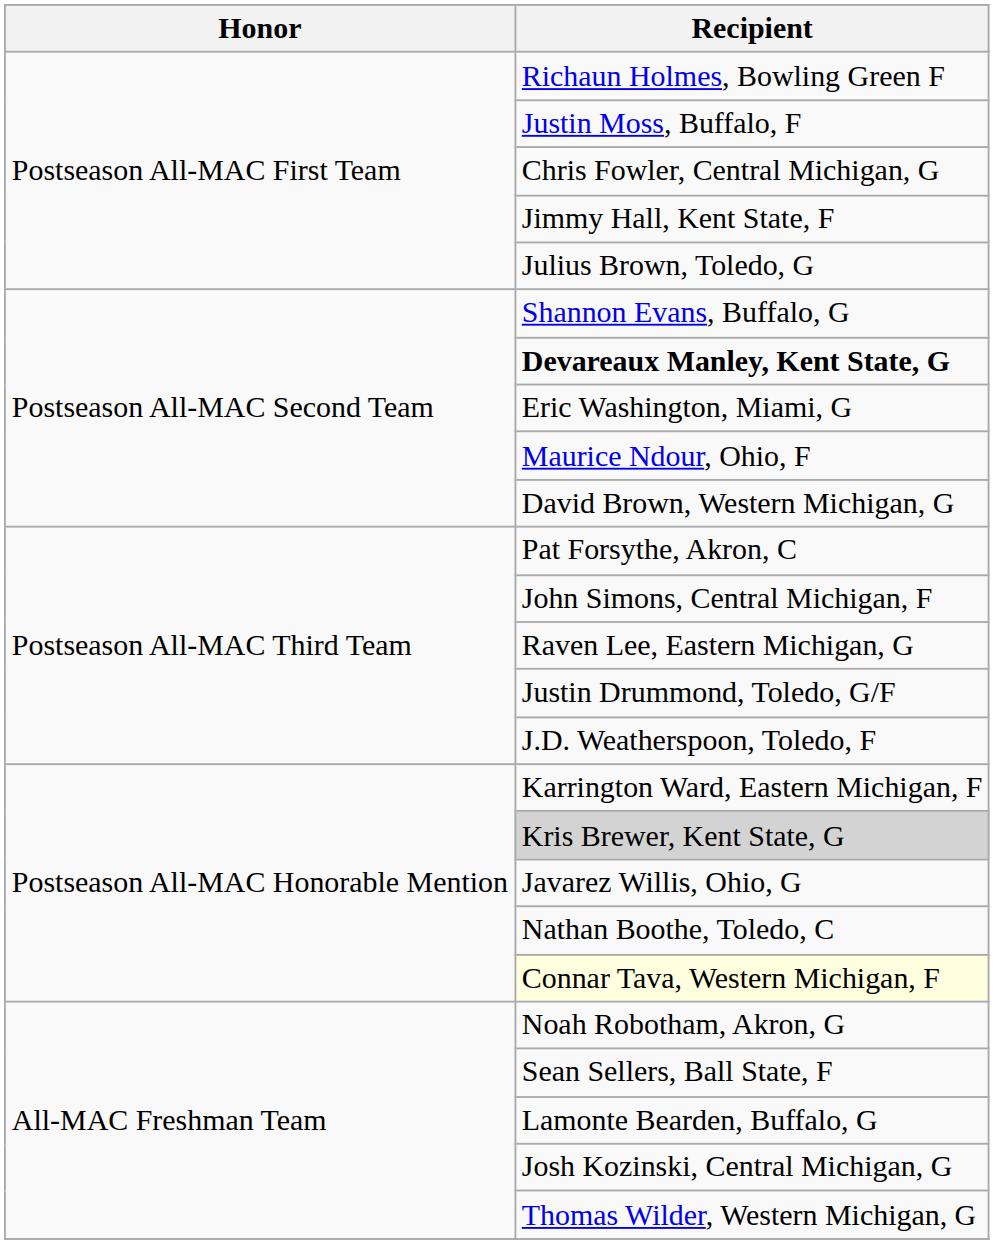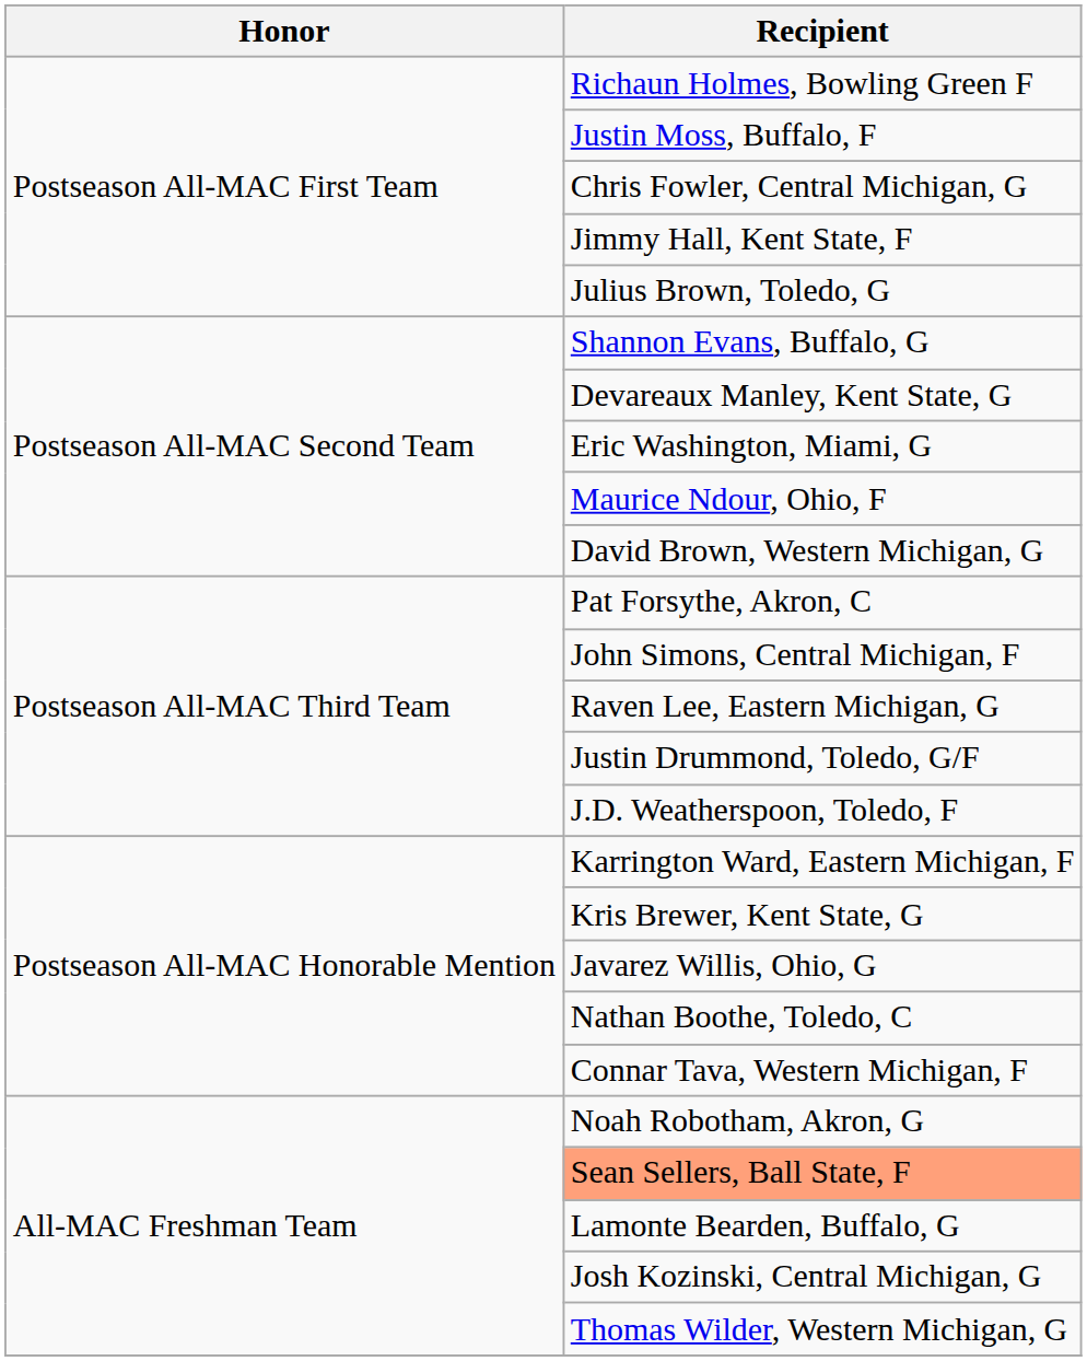 <table class="wikitable" border="1">
 <tr>
 <th>Honor</th>
 <th>Recipient</th>
 </tr>
 <tr>
 <td rowspan=5 valign=middle>Postseason All-MAC First Team</td>
 <td><a href='#'>Richaun Holmes</a>, Bowling Green F</td>
 </tr>
 <tr>
 <td><a href='#'>Justin Moss</a>, Buffalo, F</td>
 </tr>
 <tr>
 <td>Chris Fowler, Central Michigan, G</td>
 </tr>
 <tr>
 <td>Jimmy Hall, Kent State, F</td>
 </tr>
 <tr>
 <td>Julius Brown, Toledo, G</td>
 </tr>
 <tr>
 <td rowspan=5 valign=middle>Postseason All-MAC Second Team</td>
 <td><a href='#'>Shannon Evans</a>, Buffalo, G</td>
 </tr>
 <tr>
-<td><strong>Devareaux Manley, Kent State, G</strong></td>
+<td>Devareaux Manley, Kent State, G</td>
 </tr>
 <tr>
 <td>Eric Washington, Miami, G</td>
 </tr>
 <tr>
 <td><a href='#'>Maurice Ndour</a>, Ohio, F</td>
 </tr>
 <tr>
 <td>David Brown, Western Michigan, G</td>
 </tr>
 <tr>
 <td rowspan=5 valign=middle>Postseason All-MAC Third Team</td>
 <td>Pat Forsythe, Akron, C</td>
 </tr>
 <tr>
 <td>John Simons, Central Michigan, F</td>
 </tr>
 <tr>
 <td>Raven Lee, Eastern Michigan, G</td>
 </tr>
 <tr>
 <td>Justin Drummond, Toledo, G/F</td>
 </tr>
 <tr>
 <td>J.D. Weatherspoon, Toledo, F</td>
 </tr>
 <tr>
 <td rowspan=5 valign=middle>Postseason All-MAC Honorable Mention</td>
 <td>Karrington Ward, Eastern Michigan, F</td>
 </tr>
 <tr>
-<td style="background: lightgrey;">Kris Brewer, Kent State, G</td>
+<td>Kris Brewer, Kent State, G</td>
 </tr>
 <tr>
 <td>Javarez Willis, Ohio, G</td>
 </tr>
 <tr>
 <td>Nathan Boothe, Toledo, C</td>
 </tr>
 <tr>
-<td style="background: lightyellow;">Connar Tava, Western Michigan, F</td>
+<td>Connar Tava, Western Michigan, F</td>
 </tr>
 <tr>
 <td rowspan=5 valign=middle>All-MAC Freshman Team</td>
 <td>Noah Robotham, Akron, G</td>
 </tr>
 <tr>
-<td>Sean Sellers, Ball State, F</td>
+<td style="background: lightsalmon;">Sean Sellers, Ball State, F</td>
 </tr>
 <tr>
 <td>Lamonte Bearden, Buffalo, G</td>
 </tr>
 <tr>
 <td>Josh Kozinski, Central Michigan, G</td>
 </tr>
 <tr>
 <td><a href='#'>Thomas Wilder</a>, Western Michigan, G</td>
 </tr>
 <tr>
 </tr>
 </table>
